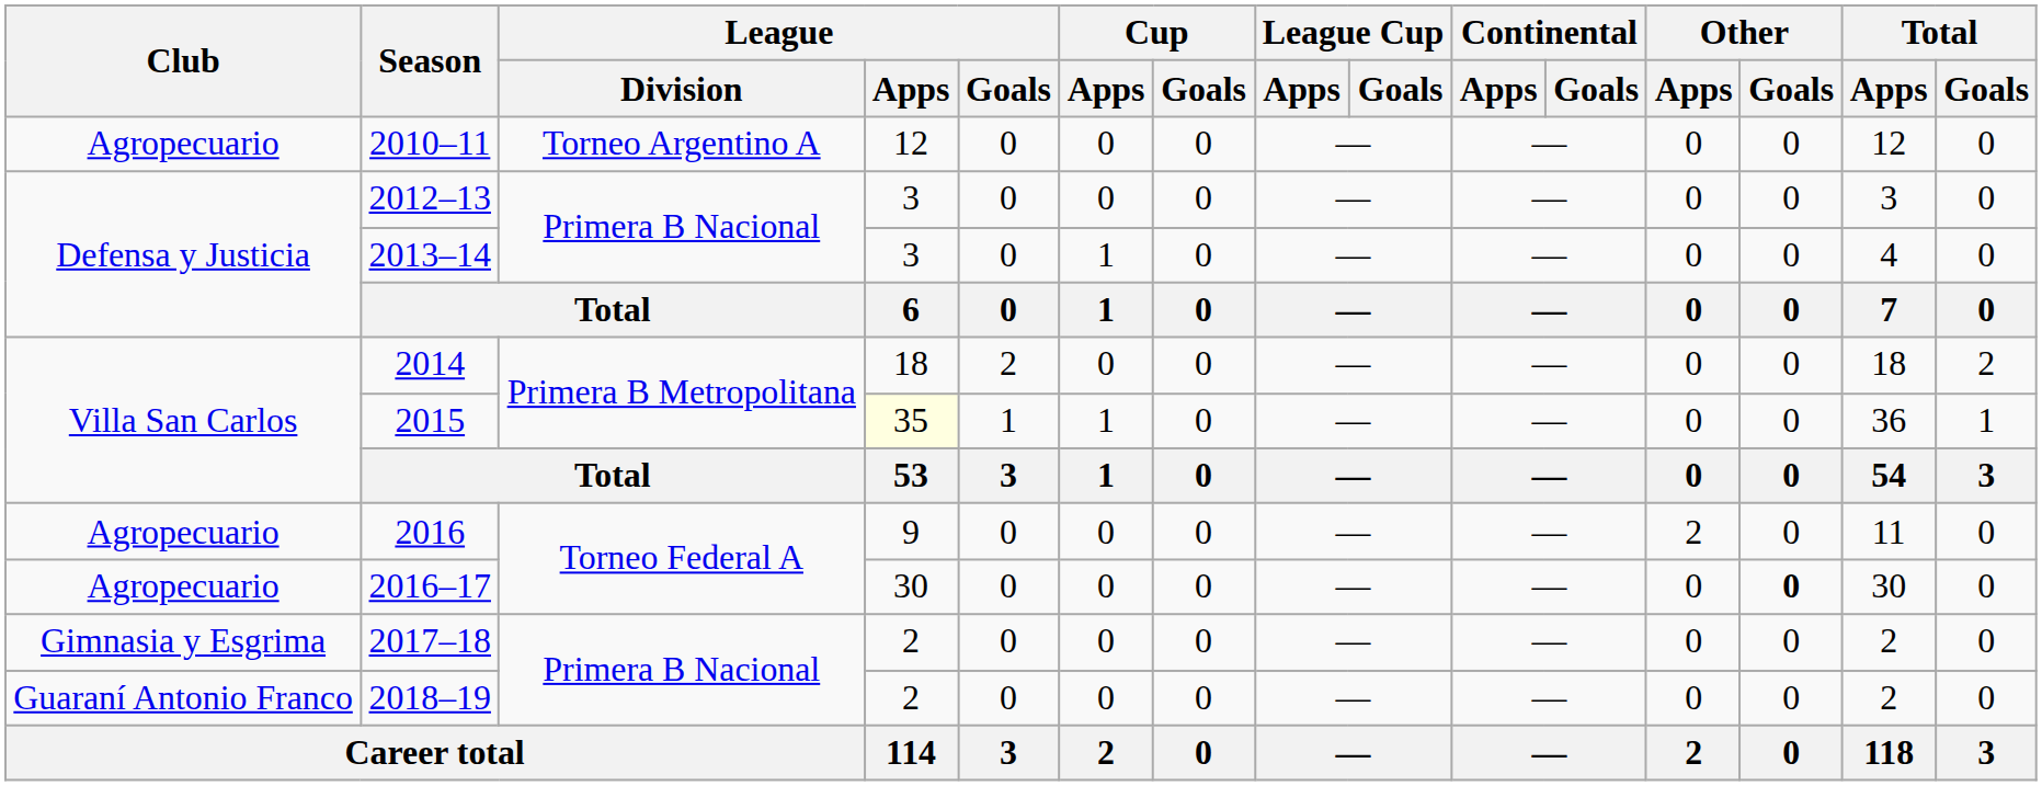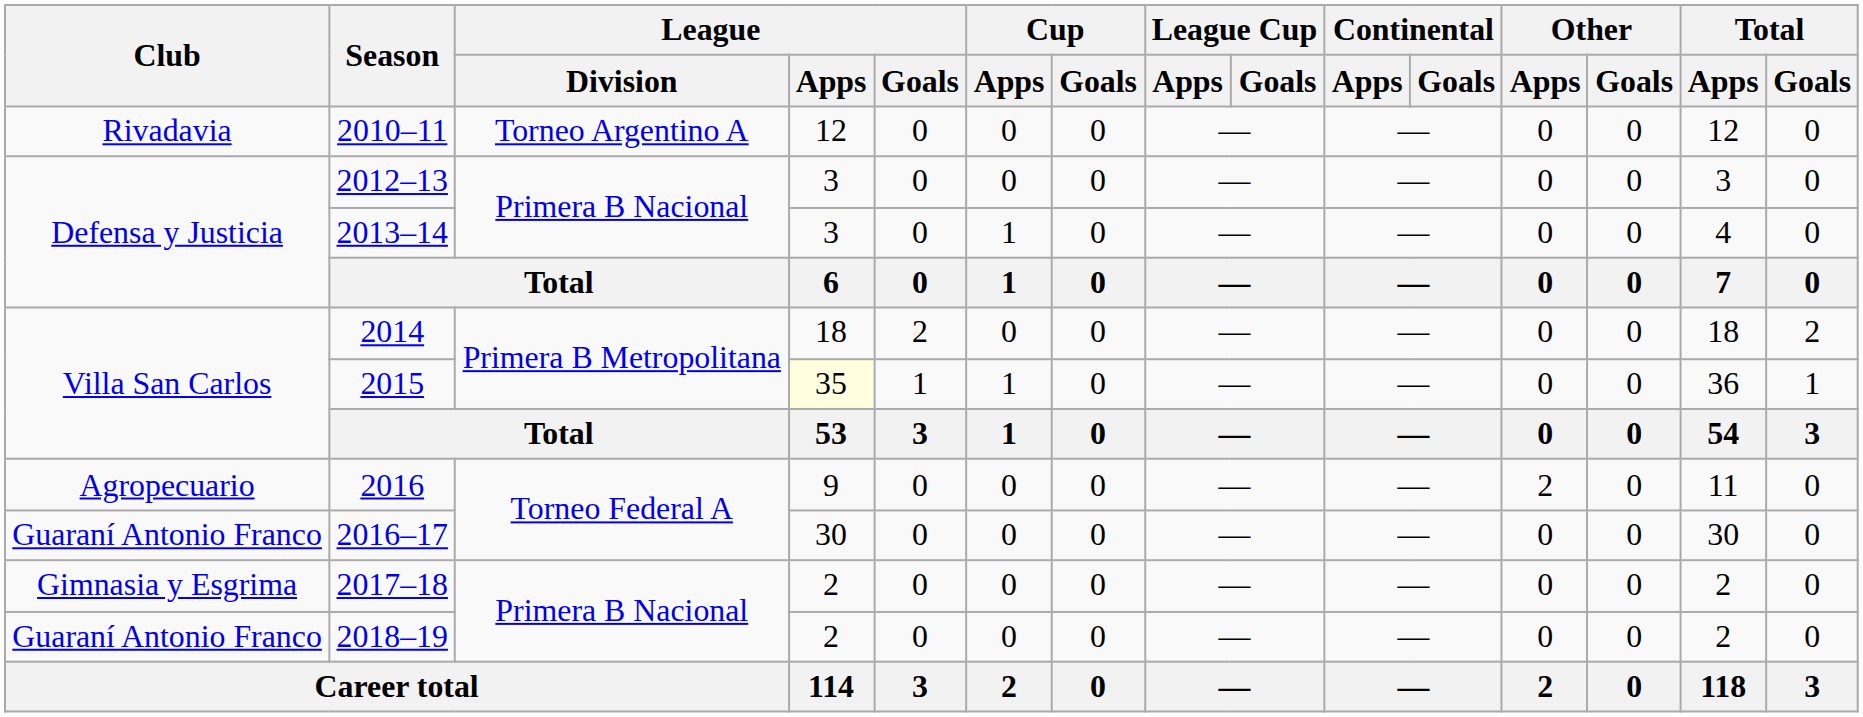 <table class="wikitable" style="text-align:center">
 <tr>
 <th rowspan="2">Club</th>
 <th rowspan="2">Season</th>
 <th colspan="3">League</th>
 <th colspan="2">Cup</th>
 <th colspan="2">League Cup</th>
 <th colspan="2">Continental</th>
 <th colspan="2">Other</th>
 <th colspan="2">Total</th>
 </tr>
 <tr>
 <th>Division</th>
 <th>Apps</th>
 <th>Goals</th>
 <th>Apps</th>
 <th>Goals</th>
 <th>Apps</th>
 <th>Goals</th>
 <th>Apps</th>
 <th>Goals</th>
 <th>Apps</th>
 <th>Goals</th>
 <th>Apps</th>
 <th>Goals</th>
 </tr>
 <tr>
-<td rowspan="1"><a href='#'>Agropecuario</a></td>
+<td rowspan="1"><a href='#'>Rivadavia</a></td>
 <td><a href='#'>2010–11</a></td>
 <td rowspan="1"><a href='#'>Torneo Argentino A</a></td>
 <td>12</td>
 <td>0</td>
 <td>0</td>
 <td>0</td>
 <td colspan="2">—</td>
 <td colspan="2">—</td>
 <td>0</td>
 <td>0</td>
 <td>12</td>
 <td>0</td>
 </tr>
 <tr>
 <td rowspan="3"><a href='#'>Defensa y Justicia</a></td>
 <td><a href='#'>2012–13</a></td>
 <td rowspan="2"><a href='#'>Primera B Nacional</a></td>
 <td>3</td>
 <td>0</td>
 <td>0</td>
 <td>0</td>
 <td colspan="2">—</td>
 <td colspan="2">—</td>
 <td>0</td>
 <td>0</td>
 <td>3</td>
 <td>0</td>
 </tr>
 <tr>
 <td><a href='#'>2013–14</a></td>
 <td>3</td>
 <td>0</td>
 <td>1</td>
 <td>0</td>
 <td colspan="2">—</td>
 <td colspan="2">—</td>
 <td>0</td>
 <td>0</td>
 <td>4</td>
 <td>0</td>
 </tr>
 <tr>
 <th colspan="2">Total</th>
 <th>6</th>
 <th>0</th>
 <th>1</th>
 <th>0</th>
 <th colspan="2">—</th>
 <th colspan="2">—</th>
 <th>0</th>
 <th>0</th>
 <th>7</th>
 <th>0</th>
 </tr>
 <tr>
 <td rowspan="3"><a href='#'>Villa San Carlos</a></td>
 <td><a href='#'>2014</a></td>
 <td rowspan="2"><a href='#'>Primera B Metropolitana</a></td>
 <td>18</td>
 <td>2</td>
 <td>0</td>
 <td>0</td>
 <td colspan="2">—</td>
 <td colspan="2">—</td>
 <td>0</td>
 <td>0</td>
 <td>18</td>
 <td>2</td>
 </tr>
 <tr>
 <td><a href='#'>2015</a></td>
 <td style="background: lightyellow;">35</td>
 <td>1</td>
 <td>1</td>
 <td>0</td>
 <td colspan="2">—</td>
 <td colspan="2">—</td>
 <td>0</td>
 <td>0</td>
 <td>36</td>
 <td>1</td>
 </tr>
 <tr>
 <th colspan="2">Total</th>
 <th>53</th>
 <th>3</th>
 <th>1</th>
 <th>0</th>
 <th colspan="2">—</th>
 <th colspan="2">—</th>
 <th>0</th>
 <th>0</th>
 <th>54</th>
 <th>3</th>
 </tr>
 <tr>
 <td rowspan="1"><a href='#'>Agropecuario</a></td>
 <td><a href='#'>2016</a></td>
 <td rowspan="2"><a href='#'>Torneo Federal A</a></td>
 <td>9</td>
 <td>0</td>
 <td>0</td>
 <td>0</td>
 <td colspan="2">—</td>
 <td colspan="2">—</td>
 <td>2</td>
 <td>0</td>
 <td>11</td>
 <td>0</td>
 </tr>
 <tr>
-<td rowspan="1"><a href='#'>Agropecuario</a></td>
+<td rowspan="1"><a href='#'>Guaraní Antonio Franco</a></td>
 <td><a href='#'>2016–17</a></td>
 <td>30</td>
 <td>0</td>
 <td>0</td>
 <td>0</td>
 <td colspan="2">—</td>
 <td colspan="2">—</td>
 <td>0</td>
-<td><strong>0</strong></td>
+<td>0</td>
 <td>30</td>
 <td>0</td>
 </tr>
 <tr>
 <td rowspan="1"><a href='#'>Gimnasia y Esgrima</a></td>
 <td><a href='#'>2017–18</a></td>
 <td rowspan="2"><a href='#'>Primera B Nacional</a></td>
 <td>2</td>
 <td>0</td>
 <td>0</td>
 <td>0</td>
 <td colspan="2">—</td>
 <td colspan="2">—</td>
 <td>0</td>
 <td>0</td>
 <td>2</td>
 <td>0</td>
 </tr>
 <tr>
 <td rowspan="1"><a href='#'>Guaraní Antonio Franco</a></td>
 <td><a href='#'>2018–19</a></td>
 <td>2</td>
 <td>0</td>
 <td>0</td>
 <td>0</td>
 <td colspan="2">—</td>
 <td colspan="2">—</td>
 <td>0</td>
 <td>0</td>
 <td>2</td>
 <td>0</td>
 </tr>
 <tr>
 <th colspan="3">Career total</th>
 <th>114</th>
 <th>3</th>
 <th>2</th>
 <th>0</th>
 <th colspan="2">—</th>
 <th colspan="2">—</th>
 <th>2</th>
 <th>0</th>
 <th>118</th>
 <th>3</th>
 </tr>
 </table>
